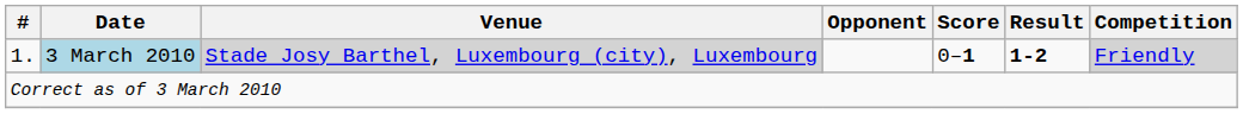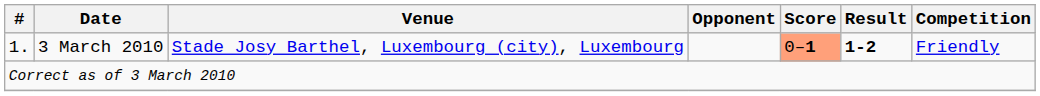 <table class="wikitable">
 <tr>
 <th>#</th>
 <th>Date</th>
 <th>Venue</th>
 <th>Opponent</th>
 <th>Score</th>
 <th>Result</th>
 <th>Competition</th>
 </tr>
 <tr>
 <td>1.</td>
-<td style="background: lightblue;">3 March 2010</td>
-<td style="background: lightgrey;"><a href='#'>Stade Josy Barthel</a>, <a href='#'>Luxembourg (city)</a>, <a href='#'>Luxembourg</a></td>
+<td>3 March 2010</td>
+<td><a href='#'>Stade Josy Barthel</a>, <a href='#'>Luxembourg (city)</a>, <a href='#'>Luxembourg</a></td>
 <td></td>
-<td>0–<strong>1</strong></td>
+<td style="background: lightsalmon;">0–<strong>1</strong></td>
 <td><strong>1-2</strong></td>
-<td style="background: lightgrey;"><a href='#'>Friendly</a></td>
+<td><a href='#'>Friendly</a></td>
 </tr>
 <tr>
 <td colspan="12"><small><em>Correct as of 3 March 2010</em></small></td>
 </tr>
 <tr>
 </tr>
 </table>
